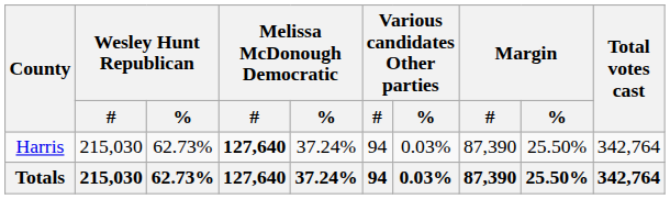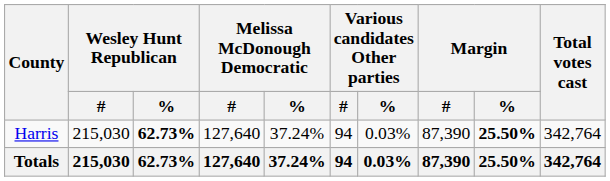 <table width="60%"  class="wikitable sortable" style="text-align:center">
 <tr>
 <th rowspan="2">County</th>
 <th style="text-align:center;" colspan="2">Wesley Hunt<br>Republican</th>
 <th style="text-align:center;" colspan="2">Melissa McDonough<br>Democratic</th>
 <th style="text-align:center;" colspan="2">Various candidates<br>Other parties</th>
 <th style="text-align:center;" colspan="2">Margin</th>
 <th rowspan="2" style="text-align:center;">Total votes cast</th>
 </tr>
 <tr>
 <th style="text-align:center;" data-sort-type="number">#</th>
 <th style="text-align:center;" data-sort-type="number">%</th>
 <th style="text-align:center;" data-sort-type="number">#</th>
 <th style="text-align:center;" data-sort-type="number">%</th>
 <th style="text-align:center;" data-sort-type="number">#</th>
 <th style="text-align:center;" data-sort-type="number">%</th>
 <th style="text-align:center;" data-sort-type="number">#</th>
 <th style="text-align:center;" data-sort-type="number">%</th>
 </tr>
 <tr style="text-align:center;">
 <td style="background-color:"><a href='#'>Harris</a></td>
 <td style="background-color:">215,030</td>
-<td style="background-color:">62.73%</td>
-<td style="color:black;background-color:"><strong>127,640</strong></td>
+<td style="background-color:"><strong>62.73%</strong></td>
+<td style="color:black;background-color:">127,640</td>
 <td style="color:black;background-color:">37.24%</td>
 <td style="background:">94</td>
 <td style="background:">0.03%</td>
 <td style="background-color:">87,390</td>
-<td style="background-color:">25.50%</td>
+<td style="background-color:"><strong>25.50%</strong></td>
 <td style="background-color:">342,764</td>
 </tr>
 <tr style="text-align:center;">
 <th>Totals</th>
 <th>215,030</th>
 <th>62.73%</th>
 <th>127,640</th>
 <th>37.24%</th>
 <th>94</th>
 <th>0.03%</th>
 <th>87,390</th>
 <th>25.50%</th>
 <th>342,764</th>
 </tr>
 </table>
